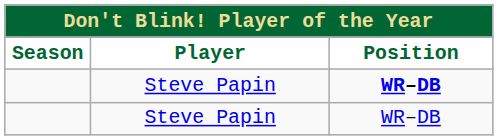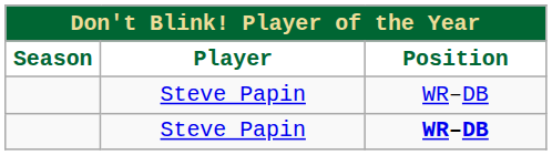 <table class="wikitable sortable" style="text-align:center">
 <tr>
 <td colspan="4" style="background:#063; color:	#ed9;"><strong>Don't Blink! Player of the Year</strong></td>
 </tr>
 <tr>
 <th style="width:50px; background:white; color:#063;">Season</th>
 <th style="width:150px; background:white; color:#063;">Player</th>
 <th style="width:100px; background:white; color:#063;">Position</th>
 </tr>
 <tr>
 <td></td>
 <td><a href='#'>Steve Papin</a></td>
-<td><strong><a href='#'>WR</a>–<a href='#'>DB</a></strong></td>
+<td><a href='#'>WR</a>–<a href='#'>DB</a></td>
 </tr>
 <tr>
 <td></td>
 <td><a href='#'>Steve Papin</a></td>
-<td><a href='#'>WR</a>–<a href='#'>DB</a></td>
+<td><strong><a href='#'>WR</a>–<a href='#'>DB</a></strong></td>
 </tr>
 </table>
